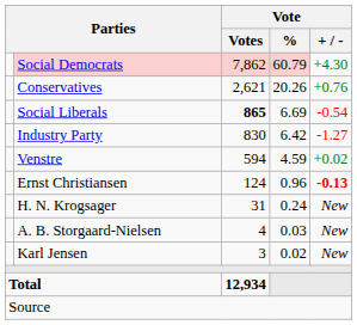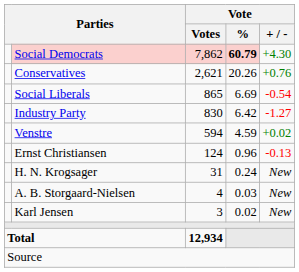 <table class="wikitable" style="text-align:right;">
 <tr>
 <th style="text-align:centre;" rowspan="2" colspan="2" width="225">Parties</th>
 <th colspan="3">Vote</th>
 </tr>
 <tr>
 <th width="15">Votes</th>
 <th width="15">%</th>
 <th width="15">+ / -</th>
 </tr>
 <tr>
 <td width="2" style="color:inherit;background:"></td>
 <td bgcolor=#fbd0ce  align="left"><a href='#'>Social Democrats</a></td>
 <td bgcolor=#fbd0ce>7,862</td>
-<td bgcolor=#fbd0ce>60.79</td>
+<td bgcolor=#fbd0ce><strong>60.79</strong></td>
 <td style=color:green;>+4.30</td>
 </tr>
 <tr>
 <td width="2" style="color:inherit;background:"></td>
 <td align="left"><a href='#'>Conservatives</a></td>
 <td>2,621</td>
 <td>20.26</td>
 <td style=color:green;>+0.76</td>
 </tr>
 <tr>
 <td width="2" style="color:inherit;background:"></td>
 <td align="left"><a href='#'>Social Liberals</a></td>
-<td><strong>865</strong></td>
+<td>865</td>
 <td>6.69</td>
 <td style=color:red;>-0.54</td>
 </tr>
 <tr>
 <td width="2" style="color:inherit;background:"></td>
 <td align="left"><a href='#'>Industry Party</a></td>
 <td>830</td>
 <td>6.42</td>
 <td style=color:red;>-1.27</td>
 </tr>
 <tr>
 <td width="2" style="color:inherit;background:"></td>
 <td align="left"><a href='#'>Venstre</a></td>
 <td>594</td>
 <td>4.59</td>
 <td style=color:green;>+0.02</td>
 </tr>
 <tr>
 <td width="2" style="color:inherit;background:"></td>
 <td align="left">Ernst Christiansen</td>
 <td>124</td>
 <td>0.96</td>
-<td style=color:red;><strong>-0.13</strong></td>
+<td style=color:red;>-0.13</td>
 </tr>
 <tr>
 <td width="2" style="color:inherit;background:"></td>
 <td align="left">H. N. Krogsager</td>
 <td>31</td>
 <td>0.24</td>
 <td><em>New</em></td>
 </tr>
 <tr>
 <td width="2" style="color:inherit;background:"></td>
 <td align="left">A. B. Storgaard-Nielsen</td>
 <td>4</td>
 <td>0.03</td>
 <td><em>New</em></td>
 </tr>
 <tr>
 <td width="2" style="color:inherit;background:"></td>
 <td align="left">Karl Jensen</td>
 <td>3</td>
 <td>0.02</td>
 <td><em>New</em></td>
 </tr>
 <tr>
 <td colspan="7" bgcolor="#E9E9E9"></td>
 </tr>
 <tr>
 <td align="left" colspan="2"><strong>Total</strong></td>
 <td><strong>12,934</strong></td>
 <td bgcolor="#E9E9E9" colspan="2"></td>
 </tr>
 <tr>
 <td align="left" colspan="6">Source</td>
 </tr>
 </table>
